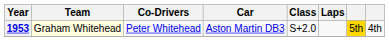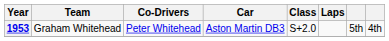 <table class="wikitable" style="font-size:90%">
 <tr>
 <th>Year</th>
 <th>Team</th>
 <th>Co-Drivers</th>
 <th>Car</th>
 <th>Class</th>
 <th>Laps</th>
 <th></th>
 <th></th>
 </tr>
 <tr align="center">
 <th><a href='#'>1953</a></th>
-<td align="left" style="background: lightyellow;"> Graham Whitehead</td>
+<td align="left"> Graham Whitehead</td>
 <td align="left"> <a href='#'>Peter Whitehead</a></td>
 <td align="left"><a href='#'>Aston Martin DB3</a></td>
 <td>S+2.0</td>
 <td></td>
-<td style="background: gold;">5th</td>
+<td>5th</td>
 <td>4th</td>
 </tr>
 <tr align="center">
 </tr>
 </table>
